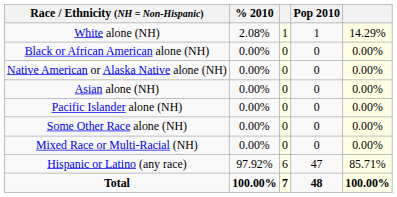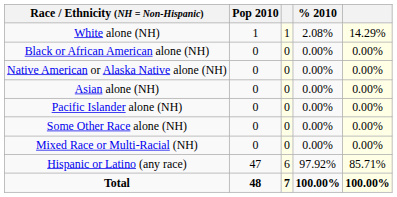 <table class="wikitable" style="text-align:center;">
 <tr>
 <th>Race / Ethnicity <small>(<em>NH = Non-Hispanic</em>)</small></th>
+<th>Pop 2010</th>
+<th></th>
 <th>% 2010</th>
-<th></th>
-<th>Pop 2010</th>
 <th></th>
 </tr>
 <tr>
 <td><a href='#'>White</a> alone (NH)</td>
+<td>1</td>
+<td style='background: #ffffe6;'>1</td>
 <td>2.08%</td>
-<td style='background: #ffffe6;'>1</td>
-<td>1</td>
 <td style='background: #ffffe6;'>14.29%</td>
 </tr>
 <tr>
 <td><a href='#'>Black or African American</a> alone (NH)</td>
+<td>0</td>
+<td style='background: #ffffe6;'>0</td>
 <td>0.00%</td>
-<td style='background: #ffffe6;'>0</td>
-<td>0</td>
 <td style='background: #ffffe6;'>0.00%</td>
 </tr>
 <tr>
 <td><a href='#'>Native American</a> or <a href='#'>Alaska Native</a> alone (NH)</td>
+<td>0</td>
+<td style='background: #ffffe6;'>0</td>
 <td>0.00%</td>
-<td style='background: #ffffe6;'>0</td>
-<td>0</td>
 <td style='background: #ffffe6;'>0.00%</td>
 </tr>
 <tr>
 <td><a href='#'>Asian</a> alone (NH)</td>
+<td>0</td>
+<td style='background: #ffffe6;'>0</td>
 <td>0.00%</td>
-<td style='background: #ffffe6;'>0</td>
-<td>0</td>
 <td style='background: #ffffe6;'>0.00%</td>
 </tr>
 <tr>
 <td><a href='#'>Pacific Islander</a> alone (NH)</td>
+<td>0</td>
+<td style='background: #ffffe6;'>0</td>
 <td>0.00%</td>
-<td style='background: #ffffe6;'>0</td>
-<td>0</td>
 <td style='background: #ffffe6;'>0.00%</td>
 </tr>
 <tr>
 <td><a href='#'>Some Other Race</a> alone (NH)</td>
+<td>0</td>
+<td style='background: #ffffe6;'>0</td>
 <td>0.00%</td>
-<td style='background: #ffffe6;'>0</td>
-<td>0</td>
 <td style='background: #ffffe6;'>0.00%</td>
 </tr>
 <tr>
 <td><a href='#'>Mixed Race or Multi-Racial</a> (NH)</td>
+<td>0</td>
+<td style='background: #ffffe6;'>0</td>
 <td>0.00%</td>
-<td style='background: #ffffe6;'>0</td>
-<td>0</td>
 <td style='background: #ffffe6;'>0.00%</td>
 </tr>
 <tr>
 <td><a href='#'>Hispanic or Latino</a> (any race)</td>
+<td>47</td>
+<td style='background: #ffffe6;'>6</td>
 <td>97.92%</td>
-<td style='background: #ffffe6;'>6</td>
-<td>47</td>
 <td style='background: #ffffe6;'>85.71%</td>
 </tr>
 <tr>
 <td><strong>Total</strong></td>
+<td><strong>48</strong></td>
+<td style='background: #ffffe6;'><strong>7</strong></td>
 <td><strong>100.00%</strong></td>
-<td style='background: #ffffe6;'><strong>7</strong></td>
-<td><strong>48</strong></td>
 <td style='background: #ffffe6;'><strong>100.00%</strong></td>
 </tr>
 </table>
